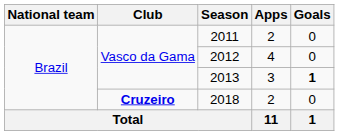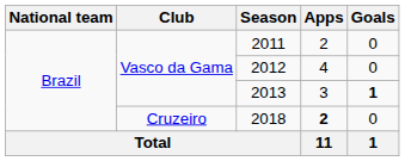 <table class="wikitable" style="text-align: center;">
 <tr>
 <th>National team</th>
 <th>Club</th>
 <th>Season</th>
 <th>Apps</th>
 <th>Goals</th>
 </tr>
 <tr>
 <td rowspan="4"><a href='#'>Brazil</a></td>
 <td rowspan="3"><a href='#'>Vasco da Gama</a></td>
 <td>2011</td>
 <td>2</td>
 <td>0</td>
 </tr>
 <tr>
 <td>2012</td>
 <td>4</td>
 <td>0</td>
 </tr>
 <tr>
 <td>2013</td>
 <td>3</td>
 <td><strong>1</strong></td>
 </tr>
 <tr>
-<td rowspan="1"><strong><a href='#'>Cruzeiro</a></strong></td>
+<td rowspan="1"><a href='#'>Cruzeiro</a></td>
 <td>2018</td>
-<td>2</td>
+<td><strong>2</strong></td>
 <td>0</td>
 </tr>
 <tr>
 <th colspan="3">Total</th>
 <th>11</th>
 <th>1</th>
 </tr>
 </table>
